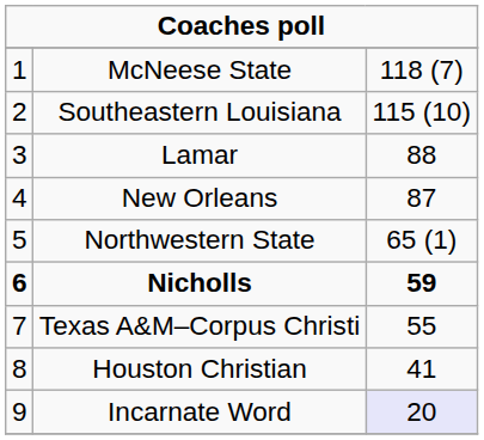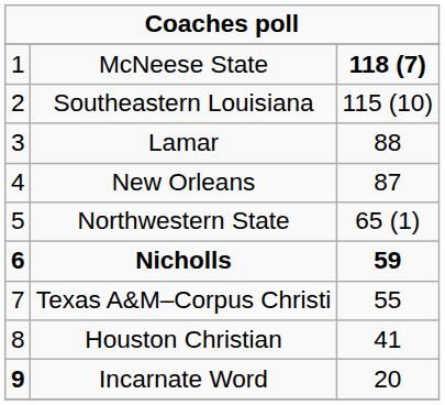 <table class="wikitable">
 <tr align="center">
 <td align="center" Colspan="3"><strong>Coaches poll</strong></td>
 </tr>
 <tr align="center">
 </tr>
 <tr align="center">
 <td>1</td>
 <td>McNeese State</td>
-<td>118 (7)</td>
+<td><strong>118 (7)</strong></td>
 </tr>
 <tr align="center">
 <td>2</td>
 <td>Southeastern Louisiana</td>
 <td>115 (10)</td>
 </tr>
 <tr align="center">
 <td>3</td>
 <td>Lamar</td>
 <td>88</td>
 </tr>
 <tr align="center">
 <td>4</td>
 <td>New Orleans</td>
 <td>87</td>
 </tr>
 <tr align="center">
 <td>5</td>
 <td>Northwestern State</td>
 <td>65 (1)</td>
 </tr>
 <tr align="center">
 <td><strong>6</strong></td>
 <td><strong>Nicholls</strong></td>
 <td><strong>59</strong></td>
 </tr>
 <tr align="center">
 <td>7</td>
 <td>Texas A&M–Corpus Christi</td>
 <td>55</td>
 </tr>
 <tr align="center">
 <td>8</td>
 <td>Houston Christian</td>
 <td>41</td>
 </tr>
 <tr align="center">
-<td>9</td>
+<td><strong>9</strong></td>
 <td>Incarnate Word</td>
-<td style="background: lavender;">20</td>
+<td>20</td>
 </tr>
 <tr align="center">
 </tr>
 </table>
